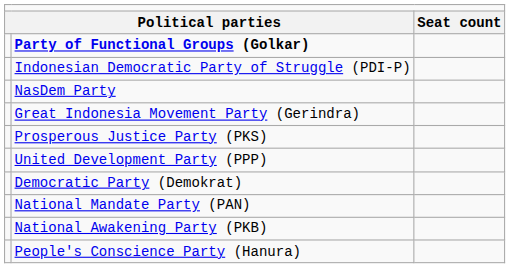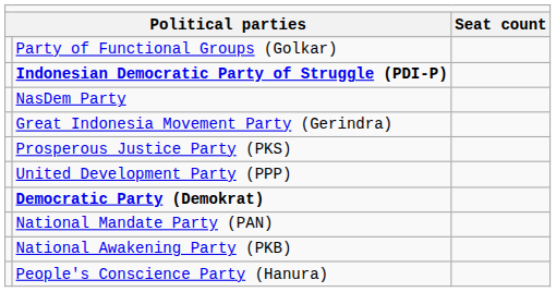 <table class="wikitable">
 <tr>
 <td colspan="4"></td>
 </tr>
 <tr>
 <th colspan="2">Political parties</th>
 <th>Seat count</th>
 </tr>
 <tr>
 <td bgcolor=></td>
-<td><strong><a href='#'>Party of Functional Groups</a> (Golkar)</strong></td>
+<td><a href='#'>Party of Functional Groups</a> (Golkar)</td>
 <td></td>
 </tr>
 <tr>
 <td bgcolor=></td>
-<td><a href='#'>Indonesian Democratic Party of Struggle</a> (PDI-P)</td>
+<td><strong><a href='#'>Indonesian Democratic Party of Struggle</a> (PDI-P)</strong></td>
 <td></td>
 </tr>
 <tr>
 <td bgcolor=></td>
 <td><a href='#'>NasDem Party</a></td>
 <td></td>
 </tr>
 <tr>
 <td bgcolor=></td>
 <td><a href='#'>Great Indonesia Movement Party</a> (Gerindra)</td>
 <td></td>
 </tr>
 <tr>
 <td bgcolor=></td>
 <td><a href='#'>Prosperous Justice Party</a> (PKS)</td>
 <td></td>
 </tr>
 <tr>
 <td bgcolor=></td>
 <td><a href='#'>United Development Party</a> (PPP)</td>
 <td></td>
 </tr>
 <tr>
 <td bgcolor=></td>
-<td><a href='#'>Democratic Party</a> (Demokrat)</td>
+<td><strong><a href='#'>Democratic Party</a> (Demokrat)</strong></td>
 <td></td>
 </tr>
 <tr>
 <td bgcolor=></td>
 <td><a href='#'>National Mandate Party</a> (PAN)</td>
 <td></td>
 </tr>
 <tr>
 <td bgcolor=></td>
 <td><a href='#'>National Awakening Party</a> (PKB)</td>
 <td></td>
 </tr>
 <tr>
 <td bgcolor=></td>
 <td><a href='#'>People's Conscience Party</a> (Hanura)</td>
 <td></td>
 </tr>
 </table>
